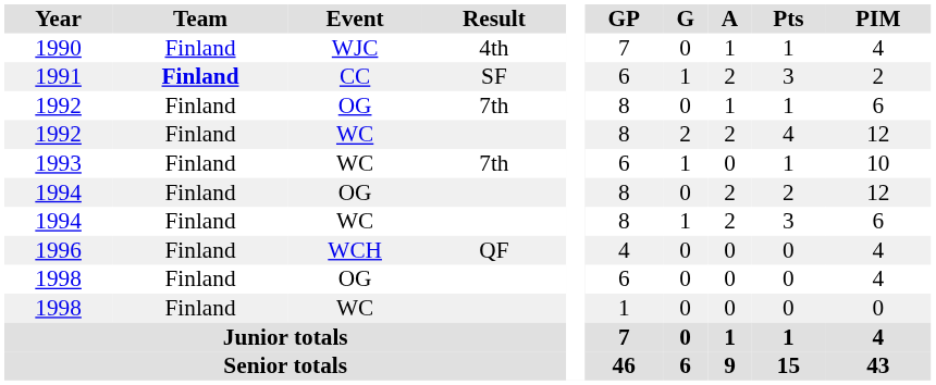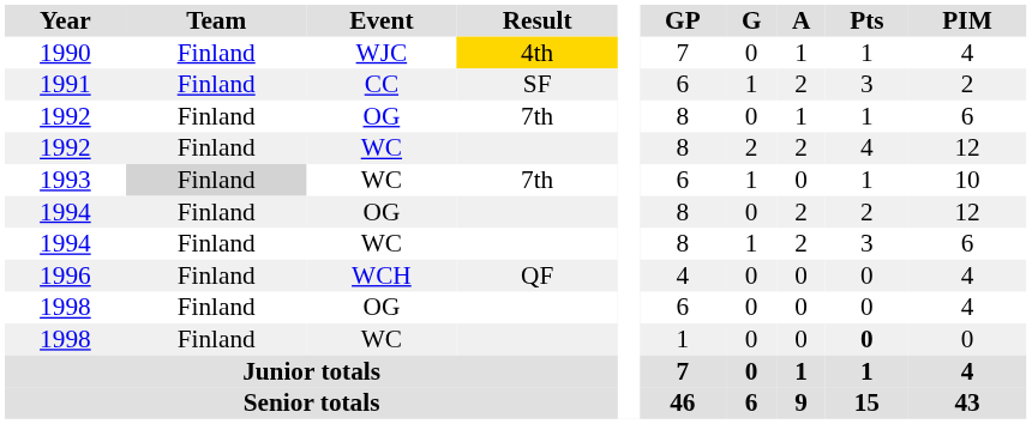 <table border="0" cellpadding="1" cellspacing="0" style="text-align:center; width:40em">
 <tr align="center" bgcolor="#e0e0e0">
 <th>Year</th>
 <th>Team</th>
 <th>Event</th>
 <th>Result</th>
 <th rowspan="99" bgcolor="#ffffff"> </th>
 <th>GP</th>
 <th>G</th>
 <th>A</th>
 <th>Pts</th>
 <th>PIM</th>
 </tr>
 <tr>
 <td><a href='#'>1990</a></td>
 <td><a href='#'>Finland</a></td>
 <td><a href='#'>WJC</a></td>
-<td>4th</td>
+<td style="background: gold;">4th</td>
 <td>7</td>
 <td>0</td>
 <td>1</td>
 <td>1</td>
 <td>4</td>
 </tr>
 <tr bgcolor="#f0f0f0">
 <td><a href='#'>1991</a></td>
-<td><strong><a href='#'>Finland</a></strong></td>
+<td><a href='#'>Finland</a></td>
 <td><a href='#'>CC</a></td>
 <td>SF</td>
 <td>6</td>
 <td>1</td>
 <td>2</td>
 <td>3</td>
 <td>2</td>
 </tr>
 <tr>
 <td><a href='#'>1992</a></td>
 <td>Finland</td>
 <td><a href='#'>OG</a></td>
 <td>7th</td>
 <td>8</td>
 <td>0</td>
 <td>1</td>
 <td>1</td>
 <td>6</td>
 </tr>
 <tr bgcolor="#f0f0f0">
 <td><a href='#'>1992</a></td>
 <td>Finland</td>
 <td><a href='#'>WC</a></td>
 <td></td>
 <td>8</td>
 <td>2</td>
 <td>2</td>
 <td>4</td>
 <td>12</td>
 </tr>
 <tr>
 <td><a href='#'>1993</a></td>
-<td>Finland</td>
+<td style="background: lightgrey;">Finland</td>
 <td>WC</td>
 <td>7th</td>
 <td>6</td>
 <td>1</td>
 <td>0</td>
 <td>1</td>
 <td>10</td>
 </tr>
 <tr bgcolor="#f0f0f0">
 <td><a href='#'>1994</a></td>
 <td>Finland</td>
 <td>OG</td>
 <td></td>
 <td>8</td>
 <td>0</td>
 <td>2</td>
 <td>2</td>
 <td>12</td>
 </tr>
 <tr>
 <td><a href='#'>1994</a></td>
 <td>Finland</td>
 <td>WC</td>
 <td></td>
 <td>8</td>
 <td>1</td>
 <td>2</td>
 <td>3</td>
 <td>6</td>
 </tr>
 <tr bgcolor="#f0f0f0">
 <td><a href='#'>1996</a></td>
 <td>Finland</td>
 <td><a href='#'>WCH</a></td>
 <td>QF</td>
 <td>4</td>
 <td>0</td>
 <td>0</td>
 <td>0</td>
 <td>4</td>
 </tr>
 <tr>
 <td><a href='#'>1998</a></td>
 <td>Finland</td>
 <td>OG</td>
 <td></td>
 <td>6</td>
 <td>0</td>
 <td>0</td>
 <td>0</td>
 <td>4</td>
 </tr>
 <tr bgcolor="#f0f0f0">
 <td><a href='#'>1998</a></td>
 <td>Finland</td>
 <td>WC</td>
 <td></td>
 <td>1</td>
 <td>0</td>
 <td>0</td>
-<td>0</td>
+<td><strong>0</strong></td>
 <td>0</td>
 </tr>
 <tr bgcolor="#e0e0e0">
 <th colspan="4">Junior totals</th>
 <th>7</th>
 <th>0</th>
 <th>1</th>
 <th>1</th>
 <th>4</th>
 </tr>
 <tr bgcolor="#e0e0e0">
 <th colspan="4">Senior totals</th>
 <th>46</th>
 <th>6</th>
 <th>9</th>
 <th>15</th>
 <th>43</th>
 </tr>
 </table>
